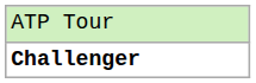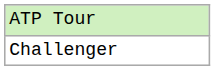 <table class="wikitable" style="font-size:90%;" width=15%>
 <tr bgcolor="d0f0c0">
 <td>ATP Tour</td>
 </tr>
 <tr bgcolor="#ffffff">
-<td><strong>Challenger</strong></td>
+<td>Challenger</td>
 </tr>
 </table>
